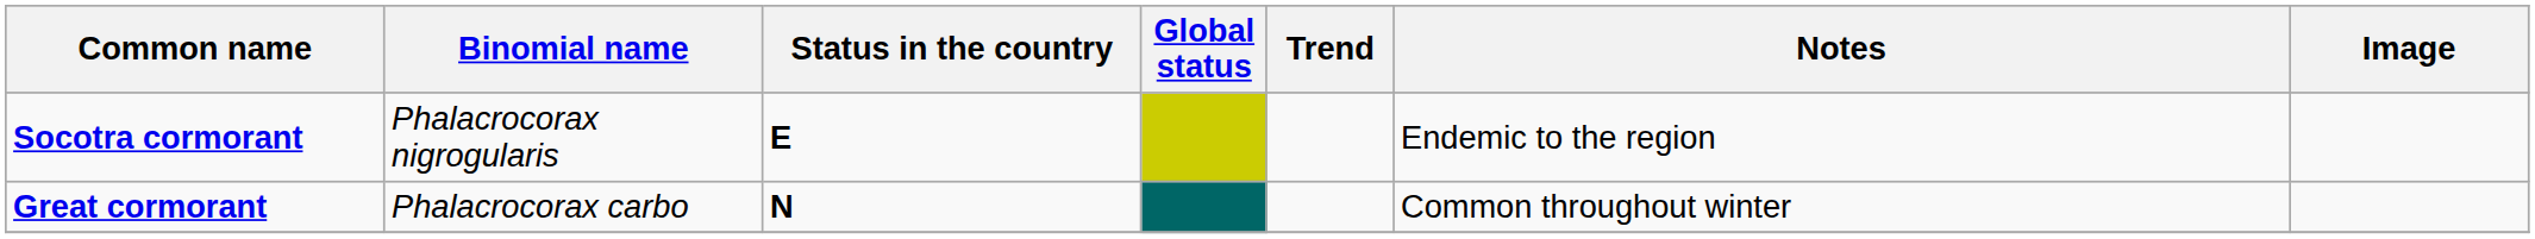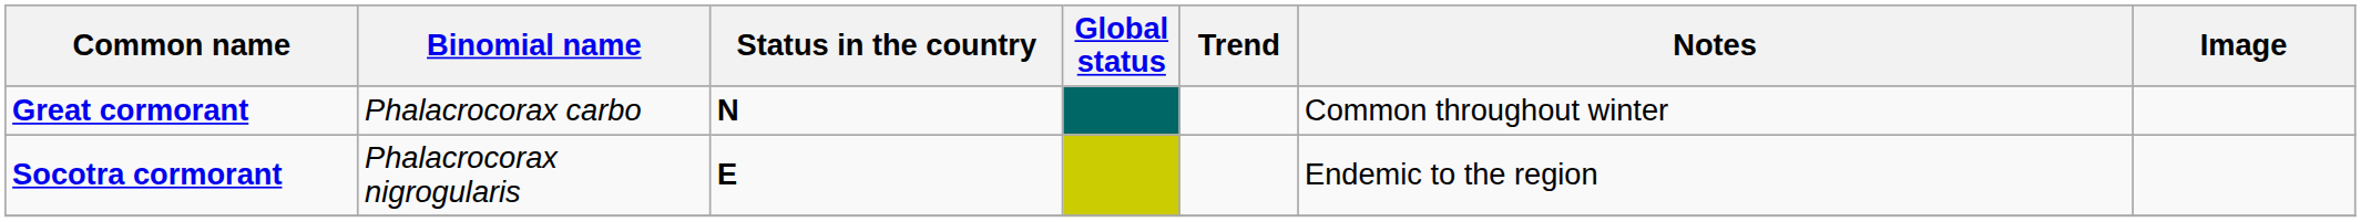 <table class="wikitable sortable">
 <tr>
 <th width="15%">Common name</th>
 <th width="15%"><a href='#'>Binomial name</a></th>
 <th data-sort-type="number" width="15%">Status in the country</th>
 <th width="5%"><a href='#'>Global status</a></th>
 <th width="5%">Trend</th>
 <th class="unsortable">Notes</th>
 <th class="unsortable">Image</th>
 </tr>
 <tr>
+<td><strong><a href='#'>Great cormorant</a></strong></td>
+<td><em>Phalacrocorax carbo</em></td>
+<td><strong>N</strong></td>
+<td align=center style="background: #006666"></td>
+<td align=center></td>
+<td>Common throughout winter</td>
+<td></td>
+</tr>
+<tr>
 <td><strong><a href='#'>Socotra cormorant</a></strong></td>
 <td><em>Phalacrocorax nigrogularis</em></td>
 <td><strong>E</strong></td>
 <td align=center style="background: #cbcc02"></td>
 <td align=center></td>
 <td>Endemic to the region</td>
 <td></td>
 </tr>
 <tr>
-<td><strong><a href='#'>Great cormorant</a></strong></td>
-<td><em>Phalacrocorax carbo</em></td>
-<td><strong>N</strong></td>
-<td align=center style="background: #006666"></td>
-<td align=center></td>
-<td>Common throughout winter</td>
-<td></td>
-</tr>
-<tr>
 </tr>
 </table>
